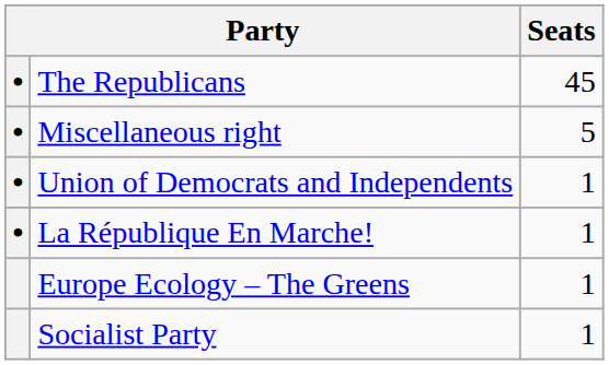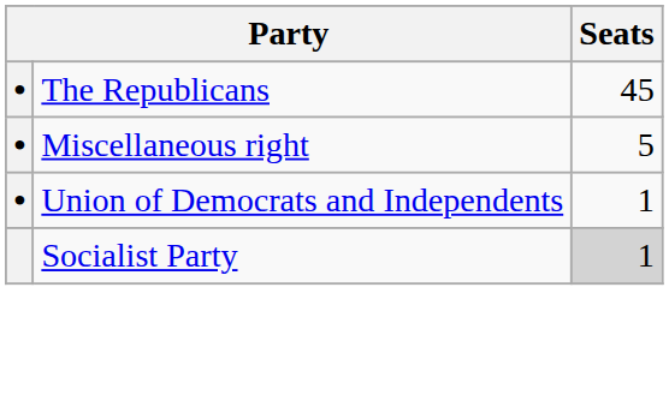 <table class="wikitable" style="font-size: 95%;">
 <tr>
 <th colspan=2>Party</th>
 <th>Seats</th>
 </tr>
 <tr>
 <th style="background-color: "><span>•</span></th>
 <td><a href='#'>The Republicans</a></td>
 <td align="right">45</td>
 </tr>
 <tr>
 <th style="background-color: "><span>•</span></th>
 <td><a href='#'>Miscellaneous right</a></td>
 <td align="right">5</td>
 </tr>
 <tr>
 <th style="background-color: "><span>•</span></th>
 <td><a href='#'>Union of Democrats and Independents</a></td>
 <td align="right">1</td>
 </tr>
 <tr>
-<th style="background-color: "><span>•</span></th>
-<td><a href='#'>La République En Marche!</a></td>
-<td align="right">1</td>
-</tr>
-<tr>
-<th style="background-color: "></th>
-<td><a href='#'>Europe Ecology – The Greens</a></td>
-<td align="right">1</td>
-</tr>
-<tr>
 <th style="background-color: "></th>
 <td><a href='#'>Socialist Party</a></td>
-<td align="right">1</td>
+<td align="right" style="background: lightgrey;">1</td>
 </tr>
 </table>
